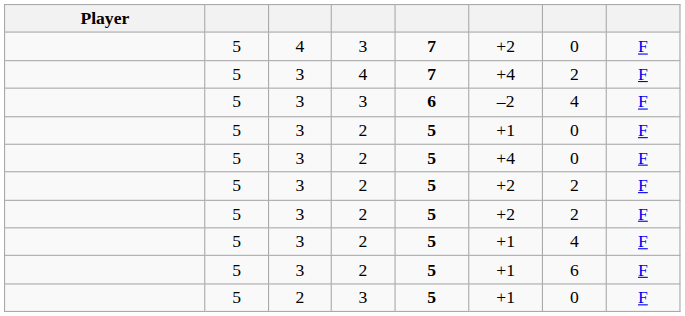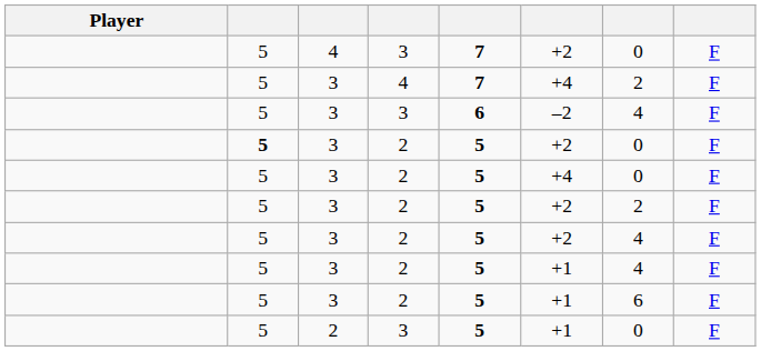 <table class="wikitable sortable" style="text-align:center;">
 <tr>
 <th width="175px">Player</th>
 <th width="50px"></th>
 <th width="50px"></th>
 <th width="50px"></th>
 <th width="60px"></th>
 <th width="60px"></th>
 <th width="50px"></th>
 <th width="60px"></th>
 </tr>
 <tr>
 <td align="left"> </td>
 <td>5</td>
 <td>4</td>
 <td>3</td>
 <td><strong>7</strong></td>
 <td>+2</td>
 <td>0</td>
 <td><a href='#'>F</a></td>
 </tr>
 <tr>
 <td align="left"> </td>
 <td>5</td>
 <td>3</td>
 <td>4</td>
 <td><strong>7</strong></td>
 <td>+4</td>
 <td>2</td>
 <td><a href='#'>F</a></td>
 </tr>
 <tr>
 <td align="left"> </td>
 <td>5</td>
 <td>3</td>
 <td>3</td>
 <td><strong>6</strong></td>
 <td>–2</td>
 <td>4</td>
 <td><a href='#'>F</a></td>
 </tr>
 <tr>
 <td align="left"> </td>
-<td>5</td>
+<td><strong>5</strong></td>
 <td>3</td>
 <td>2</td>
 <td><strong>5</strong></td>
-<td>+1</td>
+<td>+2</td>
 <td>0</td>
 <td><a href='#'>F</a></td>
 </tr>
 <tr>
 <td align="left"> </td>
 <td>5</td>
 <td>3</td>
 <td>2</td>
 <td><strong>5</strong></td>
 <td>+4</td>
 <td>0</td>
 <td><a href='#'>F</a></td>
 </tr>
 <tr>
 <td align="left"> </td>
 <td>5</td>
 <td>3</td>
 <td>2</td>
 <td><strong>5</strong></td>
 <td>+2</td>
 <td>2</td>
 <td><a href='#'>F</a></td>
 </tr>
 <tr>
 <td align="left"> </td>
 <td>5</td>
 <td>3</td>
 <td>2</td>
 <td><strong>5</strong></td>
 <td>+2</td>
-<td>2</td>
+<td>4</td>
 <td><a href='#'>F</a></td>
 </tr>
 <tr>
 <td align="left"> </td>
 <td>5</td>
 <td>3</td>
 <td>2</td>
 <td><strong>5</strong></td>
 <td>+1</td>
 <td>4</td>
 <td><a href='#'>F</a></td>
 </tr>
 <tr>
 <td align="left"> </td>
 <td>5</td>
 <td>3</td>
 <td>2</td>
 <td><strong>5</strong></td>
 <td>+1</td>
 <td>6</td>
 <td><a href='#'>F</a></td>
 </tr>
 <tr>
 <td align="left"> </td>
 <td>5</td>
 <td>2</td>
 <td>3</td>
 <td><strong>5</strong></td>
 <td>+1</td>
 <td>0</td>
 <td><a href='#'>F</a></td>
 </tr>
 </table>
